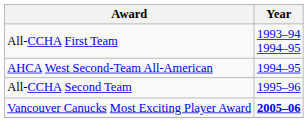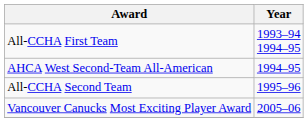 <table class="wikitable">
 <tr>
 <th>Award</th>
 <th>Year</th>
 </tr>
 <tr>
 <td>All-<a href='#'>CCHA</a> <a href='#'>First Team</a></td>
 <td><a href='#'>1993–94</a><br><a href='#'>1994–95</a></td>
 </tr>
 <tr>
 <td><a href='#'>AHCA</a> <a href='#'>West Second-Team All-American</a></td>
 <td><a href='#'>1994–95</a></td>
 </tr>
 <tr>
 <td>All-<a href='#'>CCHA</a> <a href='#'>Second Team</a></td>
 <td><a href='#'>1995–96</a></td>
 </tr>
 <tr>
 <td><a href='#'>Vancouver Canucks</a> <a href='#'>Most Exciting Player Award</a></td>
-<td><strong><a href='#'>2005–06</a></strong></td>
+<td><a href='#'>2005–06</a></td>
 </tr>
 <tr>
 </tr>
 </table>
